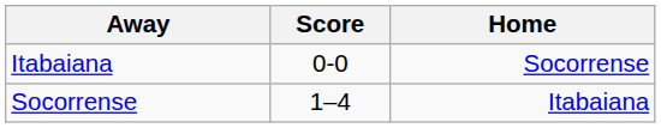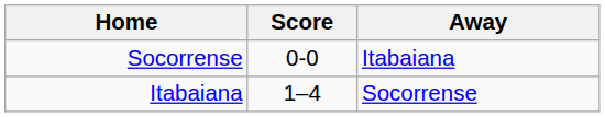 <table class="wikitable" style="text-align: center;">
 <tr>
+<th width=165>Home</th>
+<th width=70>Score</th>
 <th width=165>Away</th>
-<th width=70>Score</th>
-<th width=165>Home</th>
 </tr>
 <tr>
+<td style="text-align:right;"><a href='#'>Socorrense</a></td>
+<td>0-0</td>
 <td style="text-align:left;"><a href='#'>Itabaiana</a></td>
-<td>0-0</td>
-<td style="text-align:right;"><a href='#'>Socorrense</a></td>
 </tr>
 <tr>
+<td style="text-align:right;"><a href='#'>Itabaiana</a></td>
+<td>1–4</td>
 <td style="text-align:left;"><a href='#'>Socorrense</a></td>
-<td>1–4</td>
-<td style="text-align:right;"><a href='#'>Itabaiana</a></td>
 </tr>
 </table>
